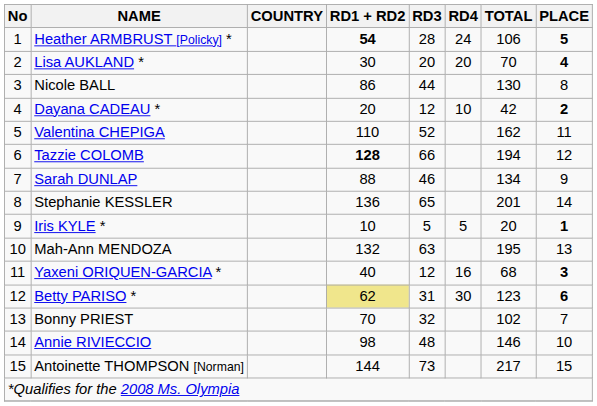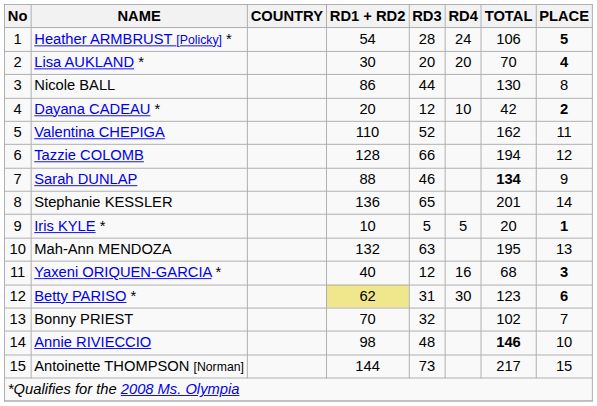 <table class="wikitable">
 <tr>
 <th>No</th>
 <th>NAME</th>
 <th>COUNTRY</th>
 <th>RD1 + RD2</th>
 <th>RD3</th>
 <th>RD4</th>
 <th>TOTAL</th>
 <th>PLACE</th>
 </tr>
 <tr>
 <td align="center">1</td>
 <td><a href='#'>Heather ARMBRUST <small>[Policky]</small></a> *</td>
 <td></td>
-<td align="center"><strong>54</strong></td>
+<td align="center">54</td>
 <td align="center">28</td>
 <td align="center">24</td>
 <td align="center">106</td>
 <td align="center"><strong>5</strong></td>
 </tr>
 <tr>
 <td align="center">2</td>
 <td><a href='#'>Lisa AUKLAND</a> *</td>
 <td></td>
 <td align="center">30</td>
 <td align="center">20</td>
 <td align="center">20</td>
 <td align="center">70</td>
 <td align="center"><strong>4</strong></td>
 </tr>
 <tr>
 <td align="center">3</td>
 <td>Nicole BALL</td>
 <td></td>
 <td align="center">86</td>
 <td align="center">44</td>
 <td></td>
 <td align="center">130</td>
 <td align="center">8</td>
 </tr>
 <tr>
 <td align="center">4</td>
 <td><a href='#'>Dayana CADEAU</a> *</td>
 <td></td>
 <td align="center">20</td>
 <td align="center">12</td>
 <td align="center">10</td>
 <td align="center">42</td>
 <td align="center"><strong>2</strong></td>
 </tr>
 <tr>
 <td align="center">5</td>
 <td><a href='#'>Valentina CHEPIGA</a></td>
 <td></td>
 <td align="center">110</td>
 <td align="center">52</td>
 <td></td>
 <td align="center">162</td>
 <td align="center">11</td>
 </tr>
 <tr>
 <td align="center">6</td>
 <td><a href='#'>Tazzie COLOMB</a></td>
 <td></td>
-<td align="center"><strong>128</strong></td>
+<td align="center">128</td>
 <td align="center">66</td>
 <td></td>
 <td align="center">194</td>
 <td align="center">12</td>
 </tr>
 <tr>
 <td align="center">7</td>
 <td><a href='#'>Sarah DUNLAP</a></td>
 <td></td>
 <td align="center">88</td>
 <td align="center">46</td>
 <td></td>
-<td align="center">134</td>
+<td align="center"><strong>134</strong></td>
 <td align="center">9</td>
 </tr>
 <tr>
 <td align="center">8</td>
 <td>Stephanie KESSLER</td>
 <td></td>
 <td align="center">136</td>
 <td align="center">65</td>
 <td></td>
 <td align="center">201</td>
 <td align="center">14</td>
 </tr>
 <tr>
 <td align="center">9</td>
 <td><a href='#'>Iris KYLE</a> *</td>
 <td></td>
 <td align="center">10</td>
 <td align="center">5</td>
 <td align="center">5</td>
 <td align="center">20</td>
 <td align="center"><strong>1</strong></td>
 </tr>
 <tr>
 <td align="center">10</td>
 <td>Mah-Ann MENDOZA</td>
 <td></td>
 <td align="center">132</td>
 <td align="center">63</td>
 <td></td>
 <td align="center">195</td>
 <td align="center">13</td>
 </tr>
 <tr>
 <td align="center">11</td>
 <td><a href='#'>Yaxeni ORIQUEN-GARCIA</a> *</td>
 <td></td>
 <td align="center">40</td>
 <td align="center">12</td>
 <td align="center">16</td>
 <td align="center">68</td>
 <td align="center"><strong>3</strong></td>
 </tr>
 <tr>
 <td align="center">12</td>
 <td><a href='#'>Betty PARISO</a> *</td>
 <td></td>
 <td align="center" style="background: khaki;">62</td>
 <td align="center">31</td>
 <td align="center">30</td>
 <td align="center">123</td>
 <td align="center"><strong>6</strong></td>
 </tr>
 <tr>
 <td align="center">13</td>
 <td>Bonny PRIEST</td>
 <td></td>
 <td align="center">70</td>
 <td align="center">32</td>
 <td></td>
 <td align="center">102</td>
 <td align="center">7</td>
 </tr>
 <tr>
 <td align="center">14</td>
 <td><a href='#'>Annie RIVIECCIO</a></td>
 <td></td>
 <td align="center">98</td>
 <td align="center">48</td>
 <td></td>
-<td align="center">146</td>
+<td align="center"><strong>146</strong></td>
 <td align="center">10</td>
 </tr>
 <tr>
 <td align="center">15</td>
 <td>Antoinette THOMPSON <small>[Norman]</small></td>
 <td></td>
 <td align="center">144</td>
 <td align="center">73</td>
 <td></td>
 <td align="center">217</td>
 <td align="center">15</td>
 </tr>
 <tr>
 <td colspan="8"><em>*Qualifies for the <a href='#'>2008 Ms. Olympia</a></em></td>
 </tr>
 <tr>
 </tr>
 </table>
